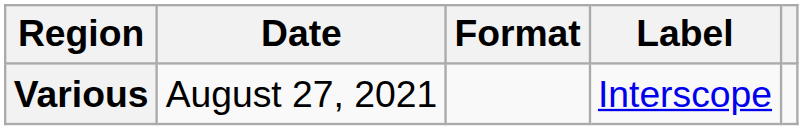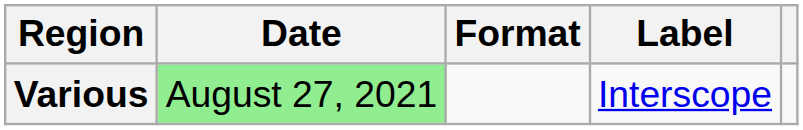 <table class="wikitable plainrowheaders">
 <tr>
 <th scope="col">Region</th>
 <th scope="col">Date</th>
 <th scope="col">Format</th>
 <th scope="col">Label</th>
 <th scope="col"></th>
 </tr>
 <tr>
 <th scope="row">Various</th>
-<td>August 27, 2021</td>
+<td style="background: lightgreen;">August 27, 2021</td>
 <td></td>
 <td rowspan="2"><a href='#'>Interscope</a></td>
 <td></td>
 </tr>
 </table>
